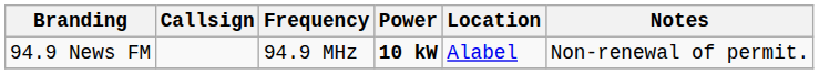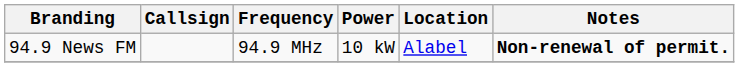 <table class="wikitable">
 <tr>
 <th>Branding</th>
 <th>Callsign</th>
 <th>Frequency</th>
 <th>Power</th>
 <th>Location</th>
 <th>Notes</th>
 </tr>
 <tr>
 <td>94.9 News FM</td>
 <td></td>
 <td>94.9 MHz</td>
-<td><strong>10 kW</strong></td>
+<td>10 kW</td>
 <td><a href='#'>Alabel</a></td>
-<td>Non-renewal of permit.</td>
+<td><strong>Non-renewal of permit.</strong></td>
 </tr>
 <tr>
 </tr>
 </table>
